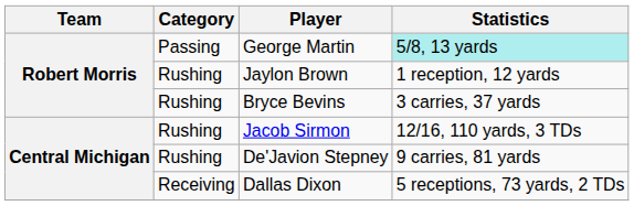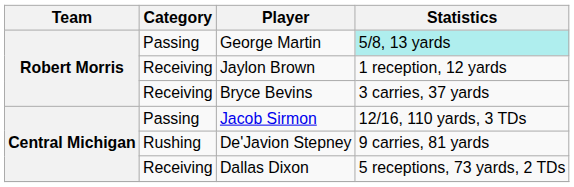 <table class="wikitable" style="float: left;">
 <tr>
 <th>Team</th>
 <th>Category</th>
 <th>Player</th>
 <th>Statistics</th>
 </tr>
 <tr>
 <th rowspan=3>Robert Morris</th>
 <td>Passing</td>
 <td>George Martin</td>
 <td style="background: paleturquoise;">5/8, 13 yards</td>
 </tr>
 <tr>
-<td>Rushing</td>
+<td>Receiving</td>
 <td>Jaylon Brown</td>
 <td>1 reception, 12 yards</td>
 </tr>
 <tr>
-<td>Rushing</td>
+<td>Receiving</td>
 <td>Bryce Bevins</td>
 <td>3 carries, 37 yards</td>
 </tr>
 <tr>
 <th rowspan=3 style=>Central Michigan</th>
-<td>Rushing</td>
+<td>Passing</td>
 <td><a href='#'>Jacob Sirmon</a></td>
 <td>12/16, 110 yards, 3 TDs</td>
 </tr>
 <tr>
 <td>Rushing</td>
 <td>De'Javion Stepney</td>
 <td>9 carries, 81 yards</td>
 </tr>
 <tr>
 <td>Receiving</td>
 <td>Dallas Dixon</td>
 <td>5 receptions, 73 yards, 2 TDs</td>
 </tr>
 <tr>
 </tr>
 </table>
